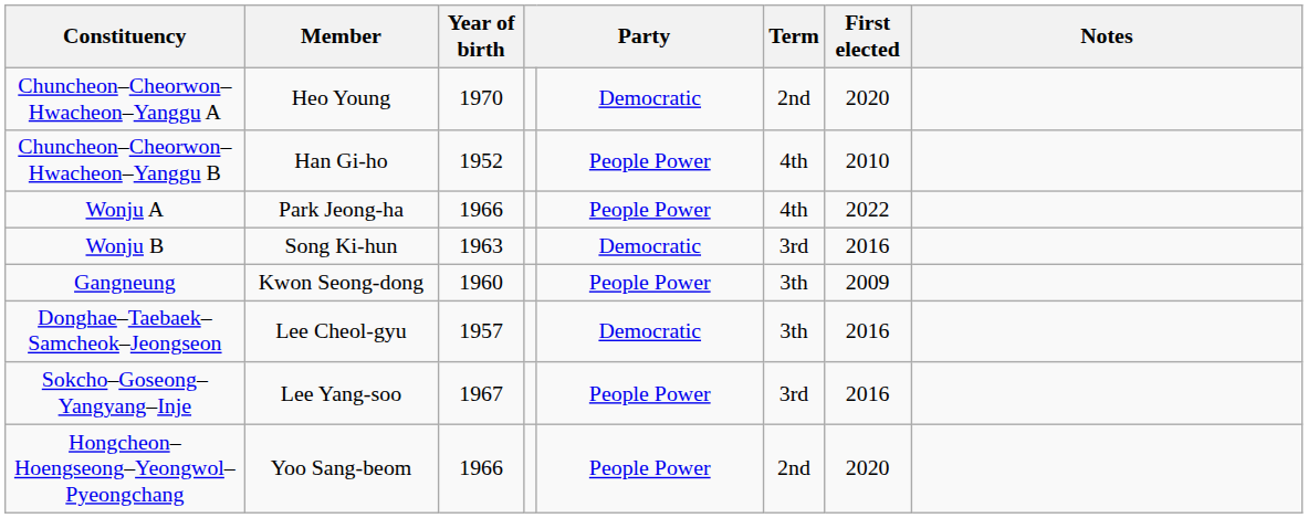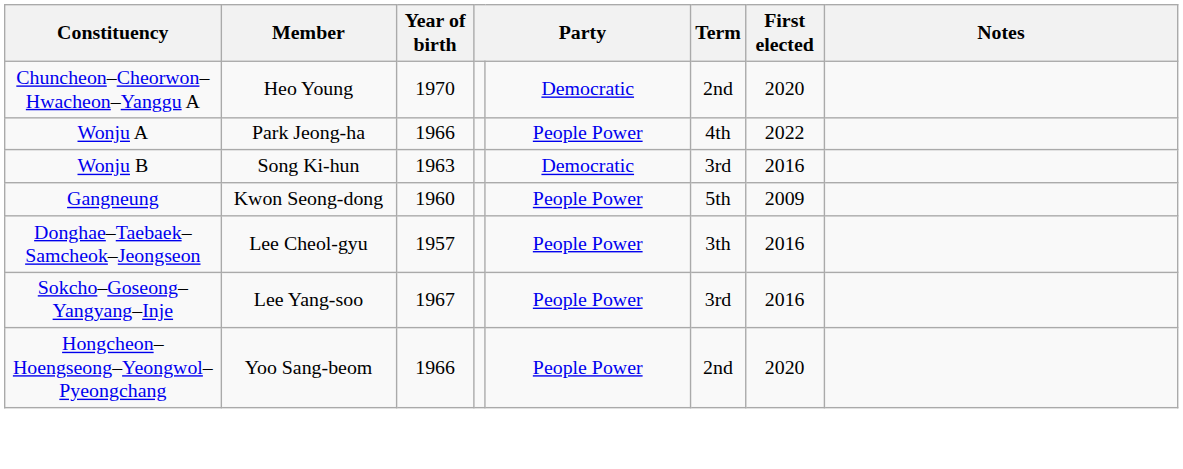 <table class="wikitable sortable" style="font-size:90%; text-align:center">
 <tr>
 <th scope="col" style="width:150px;">Constituency</th>
 <th scope="col" style="width:120px;">Member</th>
 <th scope="col" style="width:50px;">Year of birth</th>
 <th scope="col" style="width:150px;" colspan="2">Party</th>
 <th scope="col" style="width:20px;">Term</th>
 <th scope="col" style="width:50px;">First elected</th>
 <th scope="col" style="width:250px;" class="unsortable">Notes</th>
 </tr>
 <tr>
 <td><a href='#'>Chuncheon</a>–<a href='#'>Cheorwon</a>–<a href='#'>Hwacheon</a>–<a href='#'>Yanggu</a> A</td>
 <td>Heo Young</td>
 <td>1970</td>
 <td scope="row" width="1" style="background-color:"></td>
 <td><a href='#'>Democratic</a></td>
 <td>2nd</td>
 <td>2020</td>
-<td></td>
-</tr>
-<tr>
-<td><a href='#'>Chuncheon</a>–<a href='#'>Cheorwon</a>–<a href='#'>Hwacheon</a>–<a href='#'>Yanggu</a> B</td>
-<td>Han Gi-ho</td>
-<td>1952</td>
-<td scope="row" style="background-color:"></td>
-<td><a href='#'>People Power</a></td>
-<td>4th</td>
-<td>2010</td>
 <td></td>
 </tr>
 <tr>
 <td><a href='#'>Wonju</a> A</td>
 <td>Park Jeong-ha</td>
 <td>1966</td>
 <td scope="row" style="background-color:"></td>
 <td><a href='#'>People Power</a></td>
 <td>4th</td>
 <td>2022</td>
 <td></td>
 </tr>
 <tr>
 <td><a href='#'>Wonju</a> B</td>
 <td>Song Ki-hun</td>
 <td>1963</td>
 <td scope="row" style="background-color:"></td>
 <td><a href='#'>Democratic</a></td>
 <td>3rd</td>
 <td>2016</td>
 <td></td>
 </tr>
 <tr>
 <td><a href='#'>Gangneung</a></td>
 <td>Kwon Seong-dong</td>
 <td>1960</td>
 <td scope="row" style="background-color:"></td>
 <td><a href='#'>People Power</a></td>
-<td>3th</td>
+<td>5th</td>
 <td>2009</td>
 <td></td>
 </tr>
 <tr>
 <td><a href='#'>Donghae</a>–<a href='#'>Taebaek</a>–<a href='#'>Samcheok</a>–<a href='#'>Jeongseon</a></td>
 <td>Lee Cheol-gyu</td>
 <td>1957</td>
 <td scope="row" style="background-color:"></td>
-<td><a href='#'>Democratic</a></td>
+<td><a href='#'>People Power</a></td>
 <td>3th</td>
 <td>2016</td>
 <td></td>
 </tr>
 <tr>
 <td><a href='#'>Sokcho</a>–<a href='#'>Goseong</a>–<a href='#'>Yangyang</a>–<a href='#'>Inje</a></td>
 <td>Lee Yang-soo</td>
 <td>1967</td>
 <td scope="row" style="background-color:"></td>
 <td><a href='#'>People Power</a></td>
 <td>3rd</td>
 <td>2016</td>
 <td></td>
 </tr>
 <tr>
 <td><a href='#'>Hongcheon</a>–<a href='#'>Hoengseong</a>–<a href='#'>Yeongwol</a>–<a href='#'>Pyeongchang</a></td>
 <td>Yoo Sang-beom</td>
 <td>1966</td>
 <td scope="row" style="background-color:"></td>
 <td><a href='#'>People Power</a></td>
 <td>2nd</td>
 <td>2020</td>
 <td></td>
 </tr>
 </table>
